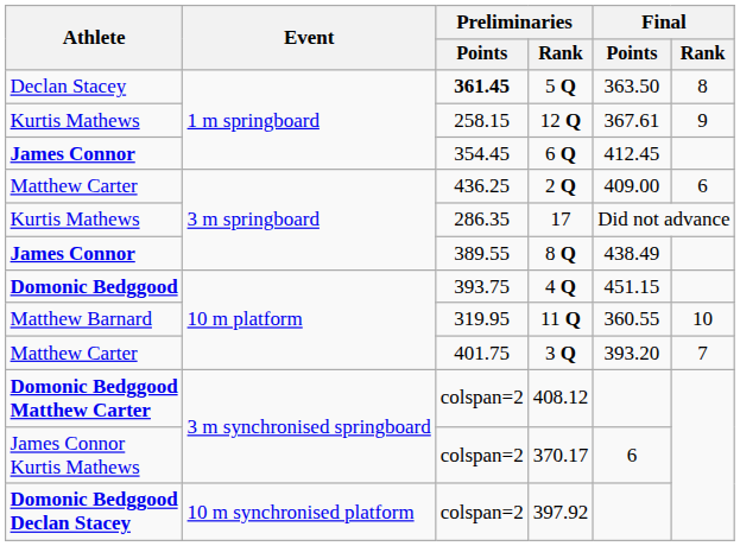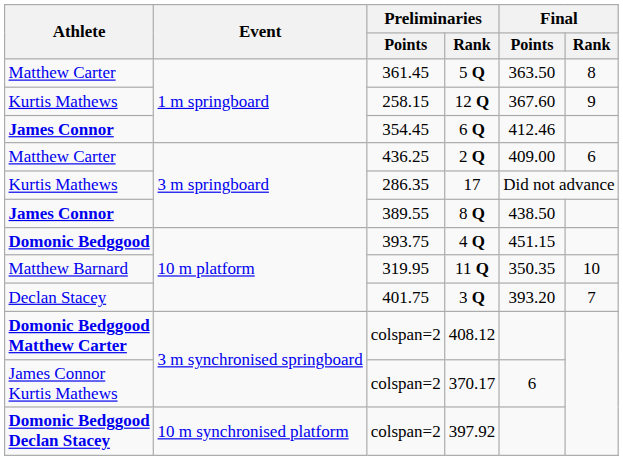 <table class=wikitable style=font-size:90%;text-align:center>
 <tr>
 <th rowspan=2>Athlete</th>
 <th rowspan=2>Event</th>
 <th colspan=2>Preliminaries</th>
 <th colspan=2>Final</th>
 </tr>
 <tr style=font-size:95%>
 <th>Points</th>
 <th>Rank</th>
 <th>Points</th>
 <th>Rank</th>
 </tr>
 <tr>
-<td align=left><a href='#'>Declan Stacey</a></td>
+<td align=left><a href='#'>Matthew Carter</a></td>
 <td align=left rowspan=3><a href='#'>1 m springboard</a></td>
-<td><strong>361.45</strong></td>
+<td>361.45</td>
 <td>5 <strong>Q</strong></td>
 <td>363.50</td>
 <td>8</td>
 </tr>
 <tr>
 <td align=left><a href='#'>Kurtis Mathews</a></td>
 <td>258.15</td>
 <td>12 <strong>Q</strong></td>
-<td>367.61</td>
+<td>367.60</td>
 <td>9</td>
 </tr>
 <tr>
 <td align=left><strong><a href='#'>James Connor</a></strong></td>
 <td>354.45</td>
 <td>6 <strong>Q</strong></td>
-<td>412.45</td>
+<td>412.46</td>
 <td></td>
 </tr>
 <tr>
 <td align=left><a href='#'>Matthew Carter</a></td>
 <td align=left rowspan=3><a href='#'>3 m springboard</a></td>
 <td>436.25</td>
 <td>2 <strong>Q</strong></td>
 <td>409.00</td>
 <td>6</td>
 </tr>
 <tr>
 <td align=left><a href='#'>Kurtis Mathews</a></td>
 <td>286.35</td>
 <td>17</td>
 <td colspan=2>Did not advance</td>
 </tr>
 <tr>
 <td align=left><strong><a href='#'>James Connor</a></strong></td>
 <td>389.55</td>
 <td>8 <strong>Q</strong></td>
-<td>438.49</td>
+<td>438.50</td>
 <td></td>
 </tr>
 <tr>
 <td align=left><strong><a href='#'>Domonic Bedggood</a></strong></td>
 <td align=left rowspan=3><a href='#'>10 m platform</a></td>
 <td>393.75</td>
 <td>4 <strong>Q</strong></td>
 <td>451.15</td>
 <td></td>
 </tr>
 <tr>
 <td align=left><a href='#'>Matthew Barnard</a></td>
 <td>319.95</td>
 <td>11 <strong>Q</strong></td>
-<td>360.55</td>
+<td>350.35</td>
 <td>10</td>
 </tr>
 <tr>
-<td align=left><a href='#'>Matthew Carter</a></td>
+<td align=left><a href='#'>Declan Stacey</a></td>
 <td>401.75</td>
 <td>3 <strong>Q</strong></td>
 <td>393.20</td>
 <td>7</td>
 </tr>
 <tr>
 <td align=left><strong><a href='#'>Domonic Bedggood</a></strong><br><strong><a href='#'>Matthew Carter</a></strong></td>
 <td align=left rowspan=2><a href='#'>3 m synchronised springboard</a></td>
 <td>colspan=2 </td>
 <td>408.12</td>
 <td></td>
 </tr>
 <tr>
 <td align=left><a href='#'>James Connor</a><br><a href='#'>Kurtis Mathews</a></td>
 <td>colspan=2 </td>
 <td>370.17</td>
 <td>6</td>
 </tr>
 <tr>
 <td align=left><strong><a href='#'>Domonic Bedggood</a></strong><br><strong><a href='#'>Declan Stacey</a></strong></td>
 <td align=left><a href='#'>10 m synchronised platform</a></td>
 <td>colspan=2 </td>
 <td>397.92</td>
 <td></td>
 </tr>
 </table>
